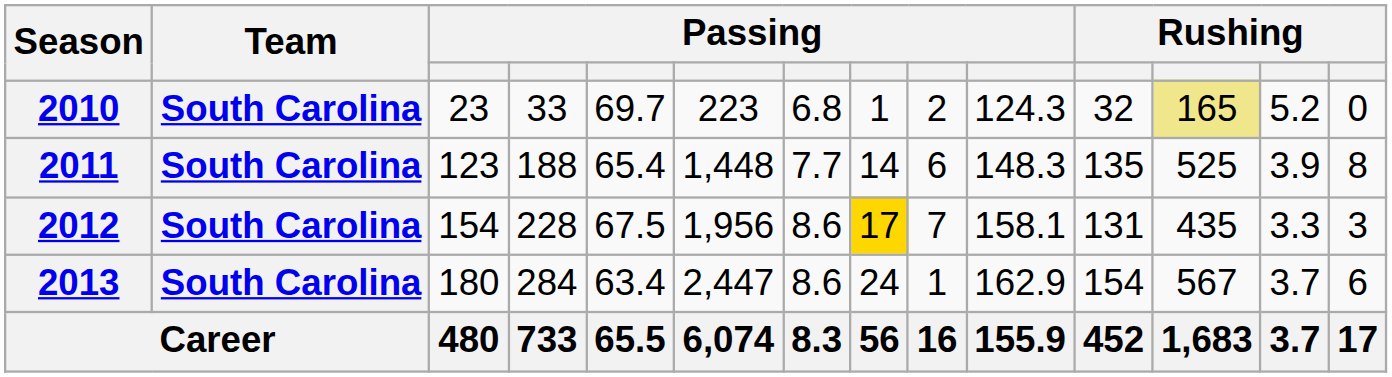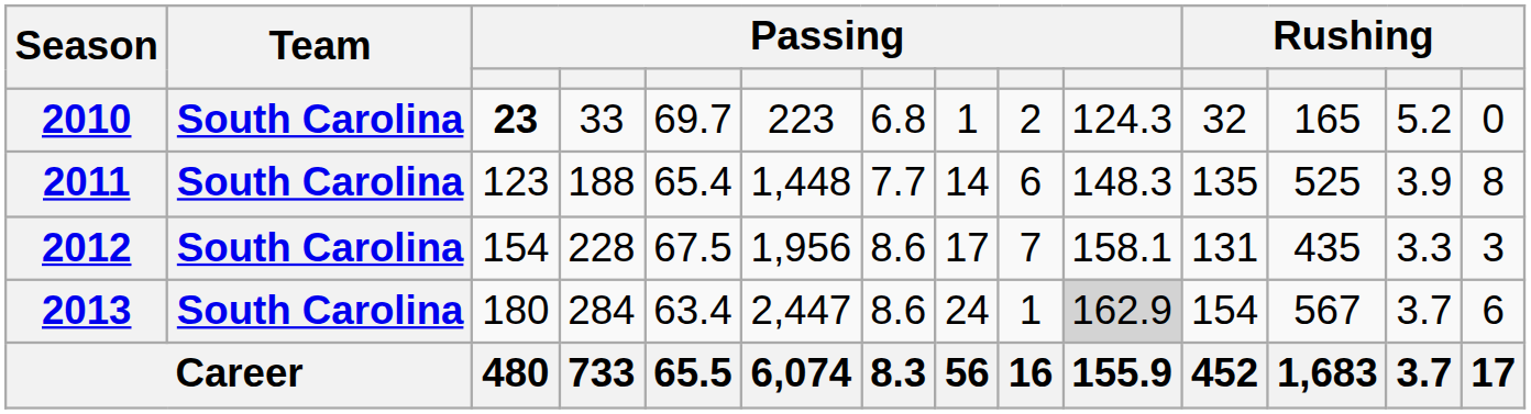 <table class="wikitable" style="text-align:center;">
 <tr>
 <th rowspan="2">Season</th>
 <th rowspan="2">Team</th>
 <th colspan="8">Passing</th>
 <th colspan="4">Rushing</th>
 </tr>
 <tr>
 <th></th>
 <th></th>
 <th></th>
 <th></th>
 <th></th>
 <th></th>
 <th></th>
 <th></th>
 <th></th>
 <th></th>
 <th></th>
 <th></th>
 </tr>
 <tr>
 <th><a href='#'>2010</a></th>
 <th><a href='#'>South Carolina</a></th>
-<td>23</td>
+<td><strong>23</strong></td>
 <td>33</td>
 <td>69.7</td>
 <td>223</td>
 <td>6.8</td>
 <td>1</td>
 <td>2</td>
 <td>124.3</td>
 <td>32</td>
-<td style="background: khaki;">165</td>
+<td>165</td>
 <td>5.2</td>
 <td>0</td>
 </tr>
 <tr>
 <th><a href='#'>2011</a></th>
 <th><a href='#'>South Carolina</a></th>
 <td>123</td>
 <td>188</td>
 <td>65.4</td>
 <td>1,448</td>
 <td>7.7</td>
 <td>14</td>
 <td>6</td>
 <td>148.3</td>
 <td>135</td>
 <td>525</td>
 <td>3.9</td>
 <td>8</td>
 </tr>
 <tr>
 <th><a href='#'>2012</a></th>
 <th><a href='#'>South Carolina</a></th>
 <td>154</td>
 <td>228</td>
 <td>67.5</td>
 <td>1,956</td>
 <td>8.6</td>
-<td style="background: gold;">17</td>
+<td>17</td>
 <td>7</td>
 <td>158.1</td>
 <td>131</td>
 <td>435</td>
 <td>3.3</td>
 <td>3</td>
 </tr>
 <tr>
 <th><a href='#'>2013</a></th>
 <th><a href='#'>South Carolina</a></th>
 <td>180</td>
 <td>284</td>
 <td>63.4</td>
 <td>2,447</td>
 <td>8.6</td>
 <td>24</td>
 <td>1</td>
-<td>162.9</td>
+<td style="background: lightgrey;">162.9</td>
 <td>154</td>
 <td>567</td>
 <td>3.7</td>
 <td>6</td>
 </tr>
 <tr>
 <th colspan="2">Career</th>
 <th>480</th>
 <th>733</th>
 <th>65.5</th>
 <th>6,074</th>
 <th>8.3</th>
 <th>56</th>
 <th>16</th>
 <th>155.9</th>
 <th>452</th>
 <th>1,683</th>
 <th>3.7</th>
 <th>17</th>
 </tr>
 </table>
